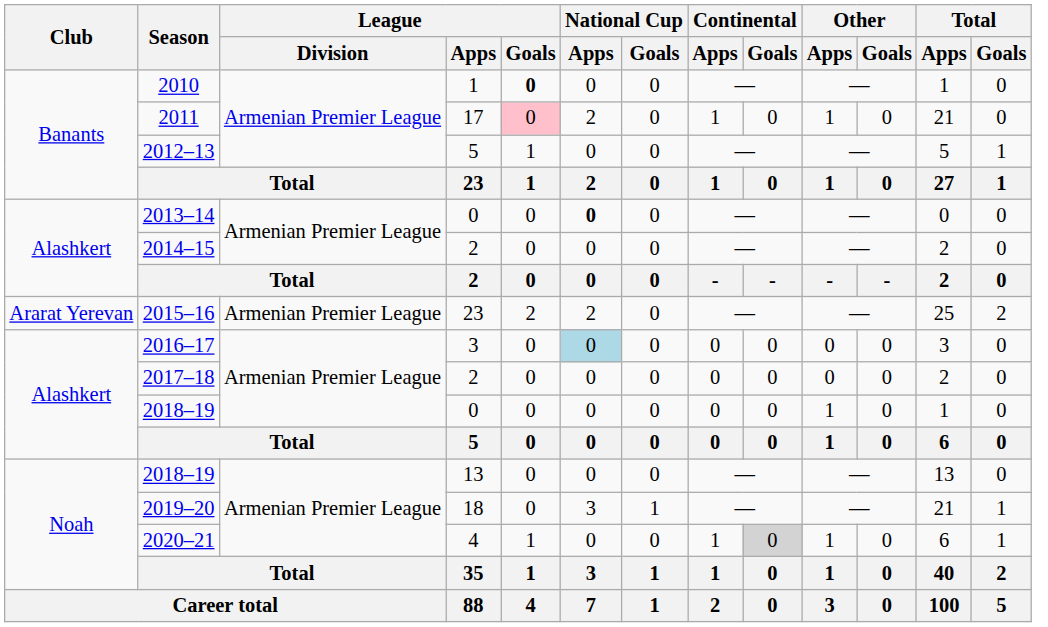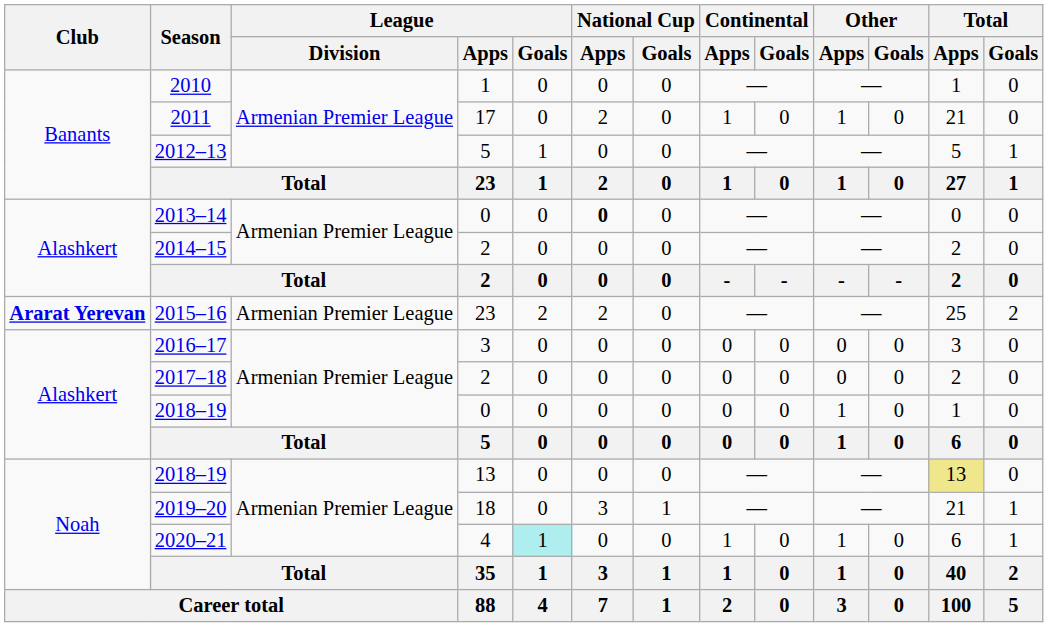 <table class="wikitable" style="text-align:center">
 <tr>
 <th rowspan="2">Club</th>
 <th rowspan="2">Season</th>
 <th colspan="3">League</th>
 <th colspan="2">National Cup</th>
 <th colspan="2">Continental</th>
 <th colspan="2">Other</th>
 <th colspan="2">Total</th>
 </tr>
 <tr>
 <th>Division</th>
 <th>Apps</th>
 <th>Goals</th>
 <th>Apps</th>
 <th>Goals</th>
 <th>Apps</th>
 <th>Goals</th>
 <th>Apps</th>
 <th>Goals</th>
 <th>Apps</th>
 <th>Goals</th>
 </tr>
 <tr>
 <td rowspan="4"><a href='#'>Banants</a></td>
 <td><a href='#'>2010</a></td>
 <td rowspan="3"><a href='#'>Armenian Premier League</a></td>
 <td>1</td>
-<td><strong>0</strong></td>
+<td>0</td>
 <td>0</td>
 <td>0</td>
 <td colspan="2">—</td>
 <td colspan="2">—</td>
 <td>1</td>
 <td>0</td>
 </tr>
 <tr>
 <td><a href='#'>2011</a></td>
 <td>17</td>
-<td style="background: pink;">0</td>
+<td>0</td>
 <td>2</td>
 <td>0</td>
 <td>1</td>
 <td>0</td>
 <td>1</td>
 <td>0</td>
 <td>21</td>
 <td>0</td>
 </tr>
 <tr>
 <td><a href='#'>2012–13</a></td>
 <td>5</td>
 <td>1</td>
 <td>0</td>
 <td>0</td>
 <td colspan="2">—</td>
 <td colspan="2">—</td>
 <td>5</td>
 <td>1</td>
 </tr>
 <tr>
 <th colspan="2">Total</th>
 <th>23</th>
 <th>1</th>
 <th>2</th>
 <th>0</th>
 <th>1</th>
 <th>0</th>
 <th>1</th>
 <th>0</th>
 <th>27</th>
 <th>1</th>
 </tr>
 <tr>
 <td rowspan="3"><a href='#'>Alashkert</a></td>
 <td><a href='#'>2013–14</a></td>
 <td rowspan="2">Armenian Premier League</td>
 <td>0</td>
 <td>0</td>
 <td><strong>0</strong></td>
 <td>0</td>
 <td colspan="2">—</td>
 <td colspan="2">—</td>
 <td>0</td>
 <td>0</td>
 </tr>
 <tr>
 <td><a href='#'>2014–15</a></td>
 <td>2</td>
 <td>0</td>
 <td>0</td>
 <td>0</td>
 <td colspan="2">—</td>
 <td colspan="2">—</td>
 <td>2</td>
 <td>0</td>
 </tr>
 <tr>
 <th colspan="2">Total</th>
 <th>2</th>
 <th>0</th>
 <th>0</th>
 <th>0</th>
 <th>-</th>
 <th>-</th>
 <th>-</th>
 <th>-</th>
 <th>2</th>
 <th>0</th>
 </tr>
 <tr>
-<td><a href='#'>Ararat Yerevan</a></td>
+<td><strong><a href='#'>Ararat Yerevan</a></strong></td>
 <td><a href='#'>2015–16</a></td>
 <td>Armenian Premier League</td>
 <td>23</td>
 <td>2</td>
 <td>2</td>
 <td>0</td>
 <td colspan="2">—</td>
 <td colspan="2">—</td>
 <td>25</td>
 <td>2</td>
 </tr>
 <tr>
 <td rowspan="4"><a href='#'>Alashkert</a></td>
 <td><a href='#'>2016–17</a></td>
 <td rowspan="3">Armenian Premier League</td>
 <td>3</td>
 <td>0</td>
-<td style="background: lightblue;">0</td>
+<td>0</td>
 <td>0</td>
 <td>0</td>
 <td>0</td>
 <td>0</td>
 <td>0</td>
 <td>3</td>
 <td>0</td>
 </tr>
 <tr>
 <td><a href='#'>2017–18</a></td>
 <td>2</td>
 <td>0</td>
 <td>0</td>
 <td>0</td>
 <td>0</td>
 <td>0</td>
 <td>0</td>
 <td>0</td>
 <td>2</td>
 <td>0</td>
 </tr>
 <tr>
 <td><a href='#'>2018–19</a></td>
 <td>0</td>
 <td>0</td>
 <td>0</td>
 <td>0</td>
 <td>0</td>
 <td>0</td>
 <td>1</td>
 <td>0</td>
 <td>1</td>
 <td>0</td>
 </tr>
 <tr>
 <th colspan="2">Total</th>
 <th>5</th>
 <th>0</th>
 <th>0</th>
 <th>0</th>
 <th>0</th>
 <th>0</th>
 <th>1</th>
 <th>0</th>
 <th>6</th>
 <th>0</th>
 </tr>
 <tr>
 <td rowspan="4"><a href='#'>Noah</a></td>
 <td><a href='#'>2018–19</a></td>
 <td rowspan="3">Armenian Premier League</td>
 <td>13</td>
 <td>0</td>
 <td>0</td>
 <td>0</td>
 <td colspan="2">—</td>
 <td colspan="2">—</td>
-<td>13</td>
+<td style="background: khaki;">13</td>
 <td>0</td>
 </tr>
 <tr>
 <td><a href='#'>2019–20</a></td>
 <td>18</td>
 <td>0</td>
 <td>3</td>
 <td>1</td>
 <td colspan="2">—</td>
 <td colspan="2">—</td>
 <td>21</td>
 <td>1</td>
 </tr>
 <tr>
 <td><a href='#'>2020–21</a></td>
 <td>4</td>
-<td>1</td>
+<td style="background: paleturquoise;">1</td>
 <td>0</td>
 <td>0</td>
 <td>1</td>
-<td style="background: lightgrey;">0</td>
+<td>0</td>
 <td>1</td>
 <td>0</td>
 <td>6</td>
 <td>1</td>
 </tr>
 <tr>
 <th colspan="2">Total</th>
 <th>35</th>
 <th>1</th>
 <th>3</th>
 <th>1</th>
 <th>1</th>
 <th>0</th>
 <th>1</th>
 <th>0</th>
 <th>40</th>
 <th>2</th>
 </tr>
 <tr>
 <th colspan="3">Career total</th>
 <th>88</th>
 <th>4</th>
 <th>7</th>
 <th>1</th>
 <th>2</th>
 <th>0</th>
 <th>3</th>
 <th>0</th>
 <th>100</th>
 <th>5</th>
 </tr>
 </table>
